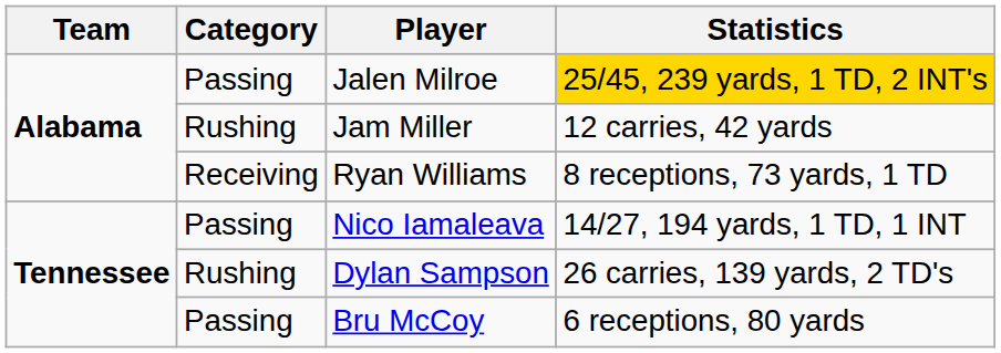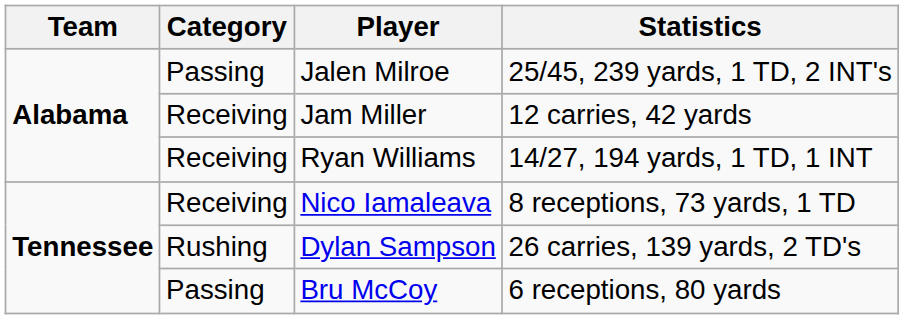 <table class="wikitable" style="float: right;">
 <tr>
 <th>Team</th>
 <th>Category</th>
 <th>Player</th>
 <th>Statistics</th>
 </tr>
 <tr>
 <td rowspan=3><strong>Alabama</strong></td>
 <td>Passing</td>
 <td>Jalen Milroe</td>
-<td style="background: gold;">25/45, 239 yards, 1 TD, 2 INT's</td>
+<td>25/45, 239 yards, 1 TD, 2 INT's</td>
 </tr>
 <tr>
-<td>Rushing</td>
+<td>Receiving</td>
 <td>Jam Miller</td>
 <td>12 carries, 42 yards</td>
 </tr>
 <tr>
 <td>Receiving</td>
 <td>Ryan Williams</td>
-<td>8 receptions, 73 yards, 1 TD</td>
+<td>14/27, 194 yards, 1 TD, 1 INT</td>
 </tr>
 <tr>
 <td rowspan=3><strong>Tennessee</strong></td>
-<td>Passing</td>
+<td>Receiving</td>
 <td><a href='#'>Nico Iamaleava</a></td>
-<td>14/27, 194 yards, 1 TD, 1 INT</td>
+<td>8 receptions, 73 yards, 1 TD</td>
 </tr>
 <tr>
 <td>Rushing</td>
 <td><a href='#'>Dylan Sampson</a></td>
 <td>26 carries, 139 yards, 2 TD's</td>
 </tr>
 <tr>
 <td>Passing</td>
 <td><a href='#'>Bru McCoy</a></td>
 <td>6 receptions, 80 yards</td>
 </tr>
 </table>
